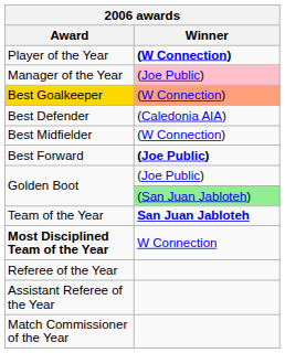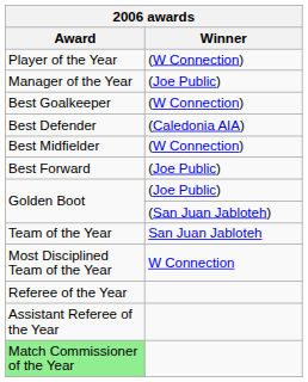 <table class="collapsible wikitable collapsed" width=50%; style="font-size:90%;">
 <tr>
 <th colspan="4">2006 awards</th>
 </tr>
 <tr>
 <th width=20%>Award</th>
 <th width=30%>Winner</th>
 </tr>
 <tr>
 <td>Player of the Year</td>
-<td><strong>  (<a href='#'>W Connection</a>)</strong></td>
+<td>  (<a href='#'>W Connection</a>)</td>
 </tr>
 <tr>
 <td>Manager of the Year</td>
-<td style="background: pink;">  (<a href='#'>Joe Public</a>)</td>
+<td>  (<a href='#'>Joe Public</a>)</td>
 </tr>
 <tr>
-<td style="background: gold;">Best Goalkeeper</td>
-<td style="background: lightsalmon;">  (<a href='#'>W Connection</a>)</td>
+<td>Best Goalkeeper</td>
+<td>  (<a href='#'>W Connection</a>)</td>
 </tr>
 <tr>
 <td>Best Defender</td>
 <td>  (<a href='#'>Caledonia AIA</a>)</td>
 </tr>
 <tr>
 <td>Best Midfielder</td>
 <td>  (<a href='#'>W Connection</a>)</td>
 </tr>
 <tr>
 <td>Best Forward</td>
-<td><strong>  (<a href='#'>Joe Public</a>)</strong></td>
+<td>  (<a href='#'>Joe Public</a>)</td>
 </tr>
 <tr>
 <td rowspan="2">Golden Boot</td>
 <td>  (<a href='#'>Joe Public</a>)</td>
 </tr>
 <tr>
-<td style="background: lightgreen;">  (<a href='#'>San Juan Jabloteh</a>)</td>
+<td>  (<a href='#'>San Juan Jabloteh</a>)</td>
 </tr>
 <tr>
 <td>Team of the Year</td>
-<td><strong><a href='#'>San Juan Jabloteh</a></strong></td>
+<td><a href='#'>San Juan Jabloteh</a></td>
 </tr>
 <tr>
-<td><strong>Most Disciplined Team of the Year</strong></td>
+<td>Most Disciplined Team of the Year</td>
 <td><a href='#'>W Connection</a></td>
 </tr>
 <tr>
 <td>Referee of the Year</td>
 <td></td>
 </tr>
 <tr>
 <td>Assistant Referee of the Year</td>
 <td></td>
 </tr>
 <tr>
-<td>Match Commissioner of the Year</td>
+<td style="background: lightgreen;">Match Commissioner of the Year</td>
 <td></td>
 </tr>
 </table>
